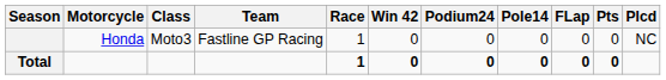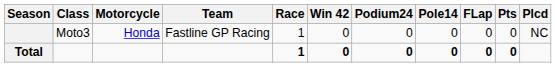 <table class="wikitable" style=text-align:right>
 <tr>
 <th>Season</th>
+<th>Class</th>
 <th>Motorcycle</th>
-<th>Class</th>
 <th>Team</th>
 <th>Race</th>
 <th>Win 42</th>
 <th>Podium24</th>
 <th>Pole14</th>
 <th>FLap</th>
 <th>Pts</th>
 <th>Plcd</th>
 </tr>
 <tr>
 <th></th>
+<td>Moto3</td>
 <td><a href='#'>Honda</a></td>
-<td>Moto3</td>
 <td>Fastline GP Racing</td>
 <td>1</td>
 <td>0</td>
 <td>0</td>
 <td>0</td>
 <td>0</td>
 <td>0</td>
 <td>NC</td>
 </tr>
 <tr>
 <th>Total</th>
 <td></td>
 <td></td>
 <td></td>
 <td><strong>1</strong></td>
 <td><strong>0</strong></td>
 <td><strong>0</strong></td>
 <td><strong>0</strong></td>
 <td><strong>0</strong></td>
 <td><strong>0</strong></td>
 <td></td>
 </tr>
 </table>
